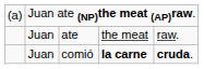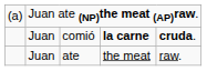 <table class="wikitable">
 <tr>
 <td>(a)</td>
 <td colspan="4">Juan ate <strong><sub>(NP)</sub>the meat <sub>(AP)</sub>raw</strong>.</td>
 </tr>
 <tr>
 <td></td>
 <td>Juan</td>
+<td>comió</td>
+<td><strong>la carne</strong></td>
+<td><strong>cruda</strong>.</td>
+</tr>
+<tr>
+<td></td>
+<td>Juan</td>
 <td>ate</td>
 <td><u>the meat</u></td>
 <td><u>raw</u>.</td>
 </tr>
-<tr>
-<td></td>
-<td>Juan</td>
-<td>comió</td>
-<td><strong>la carne</strong></td>
-<td><strong>cruda</strong>.</td>
-</tr>
 </table>
